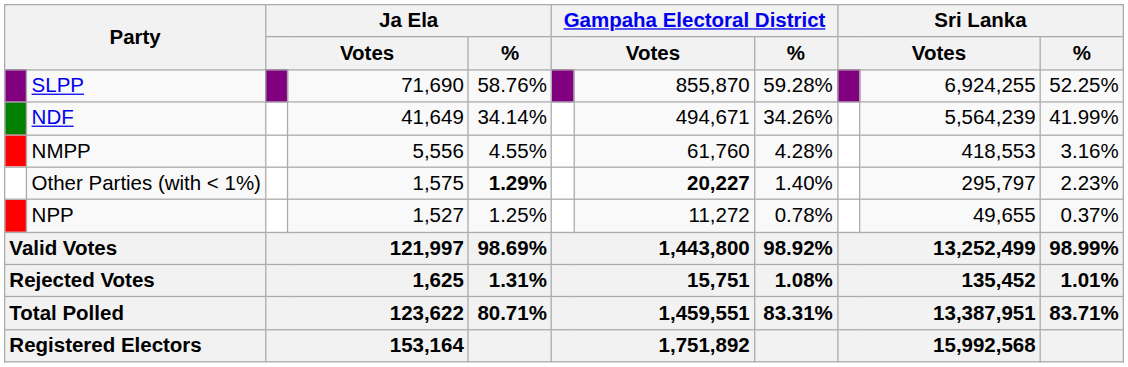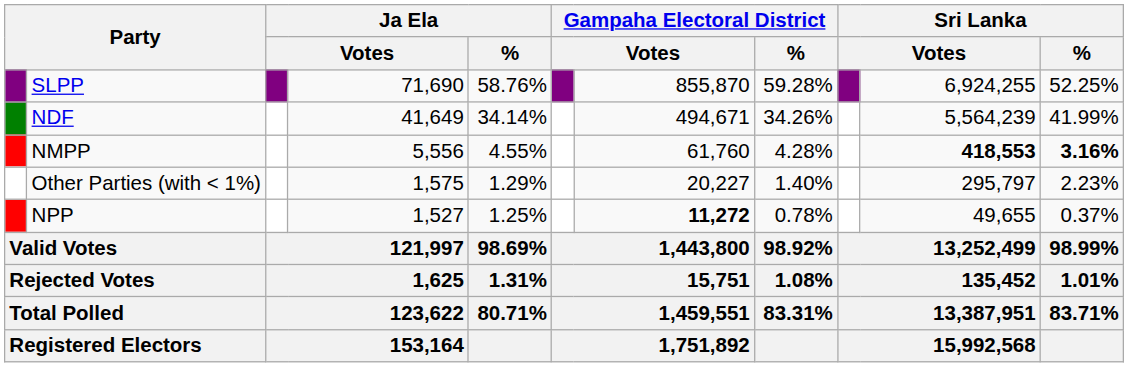 <table class="wikitable">
 <tr>
 <th colspan="2" width="144px"rowspan="2">Party</th>
 <th colspan="3" width="216px">Ja Ela</th>
 <th colspan="3" width="216px"><a href='#'>Gampaha Electoral District</a></th>
 <th colspan="3" width="216px">Sri Lanka</th>
 </tr>
 <tr>
 <th colspan="2" width="144px">Votes</th>
 <th>%</th>
 <th colspan="2" width="144px">Votes</th>
 <th>%</th>
 <th colspan="2" width="144px">Votes</th>
 <th>%</th>
 </tr>
 <tr>
 <td style="background-color:purple;" width="10px"></td>
 <td style="text-align:left;"><a href='#'>SLPP</a></td>
 <td style="background-color:purple;" width="10px"></td>
 <td style="text-align:right;">71,690</td>
 <td style="text-align:right;">58.76%</td>
 <td style="background-color:purple;" width="10px"></td>
 <td style="text-align:right;">855,870</td>
 <td style="text-align:right;">59.28%</td>
 <td style="background-color:purple;" width="10px"></td>
 <td style="text-align:right;">6,924,255</td>
 <td style="text-align:right;">52.25%</td>
 </tr>
 <tr>
 <td style="background-color:green;" width="10px"></td>
 <td style="text-align:left;"><a href='#'>NDF</a></td>
 <td style="background-color:white;" width="10px"></td>
 <td style="text-align:right;">41,649</td>
 <td style="text-align:right;">34.14%</td>
 <td style="background-color:white;" width="10px"></td>
 <td style="text-align:right;">494,671</td>
 <td style="text-align:right;">34.26%</td>
 <td style="background-color:white;" width="10px"></td>
 <td style="text-align:right;">5,564,239</td>
 <td style="text-align:right;">41.99%</td>
 </tr>
 <tr>
 <td style="background-color:red;" width="10px"></td>
 <td style="text-align:left;">NMPP</td>
 <td style="background-color:white;" width="10px"></td>
 <td style="text-align:right;">5,556</td>
 <td style="text-align:right;">4.55%</td>
 <td style="background-color:white;" width="10px"></td>
 <td style="text-align:right;">61,760</td>
 <td style="text-align:right;">4.28%</td>
 <td style="background-color:white;" width="10px"></td>
-<td style="text-align:right;">418,553</td>
-<td style="text-align:right;">3.16%</td>
+<td style="text-align:right;"><strong>418,553</strong></td>
+<td style="text-align:right;"><strong>3.16%</strong></td>
 </tr>
 <tr>
 <td style="background-color:white;" width="10px"></td>
 <td style="text-align:left;">Other Parties (with < 1%)</td>
 <td style="background-color:white;" width="10px"></td>
 <td style="text-align:right;">1,575</td>
-<td style="text-align:right;"><strong>1.29%</strong></td>
+<td style="text-align:right;">1.29%</td>
 <td style="background-color:white;" width="10px"></td>
-<td style="text-align:right;"><strong>20,227</strong></td>
+<td style="text-align:right;">20,227</td>
 <td style="text-align:right;">1.40%</td>
 <td style="background-color:white;" width="10px"></td>
 <td style="text-align:right;">295,797</td>
 <td style="text-align:right;">2.23%</td>
 </tr>
 <tr>
 <td style="background-color:red;" width="10px"></td>
 <td style="text-align:left;">NPP</td>
 <td style="background-color:white;" width="10px"></td>
 <td style="text-align:right;">1,527</td>
 <td style="text-align:right;">1.25%</td>
 <td style="background-color:white;" width="10px"></td>
-<td style="text-align:right;">11,272</td>
+<td style="text-align:right;"><strong>11,272</strong></td>
 <td style="text-align:right;">0.78%</td>
 <td style="background-color:white;" width="10px"></td>
 <td style="text-align:right;">49,655</td>
 <td style="text-align:right;">0.37%</td>
 </tr>
 <tr>
 <th colspan="2" width="144px"style="text-align:left;">Valid Votes</th>
 <th style="text-align:right;"colspan="2" width="144px">121,997</th>
 <th style="text-align:right;">98.69%</th>
 <th style="text-align:right;"colspan="2" width="144px">1,443,800</th>
 <th style="text-align:right;">98.92%</th>
 <th style="text-align:right;"colspan="2" width="144px">13,252,499</th>
 <th style="text-align:right;">98.99%</th>
 </tr>
 <tr>
 <th colspan="2" width="144px"style="text-align:left;">Rejected Votes</th>
 <th style="text-align:right;"colspan="2" width="144px">1,625</th>
 <th style="text-align:right;">1.31%</th>
 <th style="text-align:right;"colspan="2" width="144px">15,751</th>
 <th style="text-align:right;">1.08%</th>
 <th style="text-align:right;"colspan="2" width="144px">135,452</th>
 <th style="text-align:right;">1.01%</th>
 </tr>
 <tr>
 <th colspan="2" width="144px"style="text-align:left;">Total Polled</th>
 <th style="text-align:right;"colspan="2" width="144px">123,622</th>
 <th style="text-align:right;">80.71%</th>
 <th style="text-align:right;"colspan="2" width="144px">1,459,551</th>
 <th style="text-align:right;">83.31%</th>
 <th style="text-align:right;"colspan="2" width="144px">13,387,951</th>
 <th style="text-align:right;">83.71%</th>
 </tr>
 <tr>
 <th colspan="2" width="144px"style="text-align:left;">Registered Electors</th>
 <th style="text-align:right;"colspan="2" width="144px">153,164</th>
 <th></th>
 <th style="text-align:right;"colspan="2" width="144px">1,751,892</th>
 <th></th>
 <th style="text-align:right;"colspan="2" width="144px">15,992,568</th>
 <th></th>
 </tr>
 </table>
